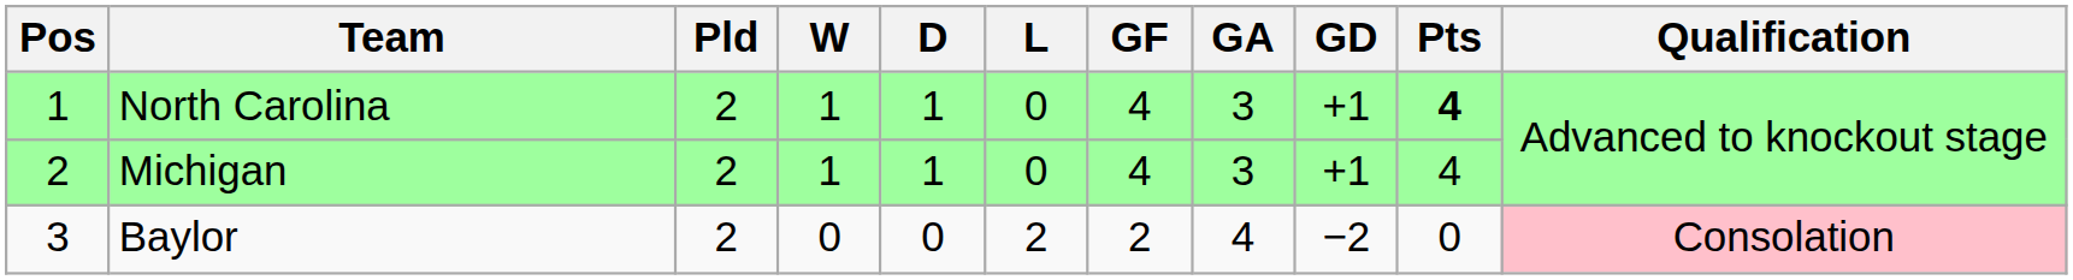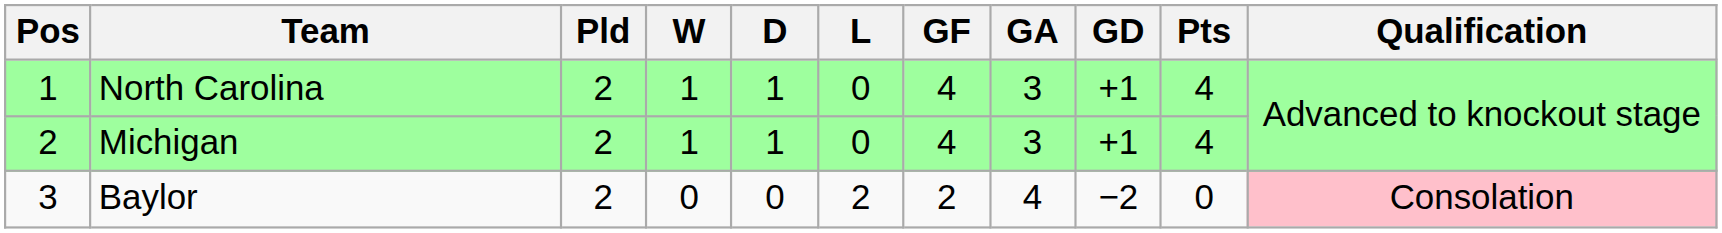 <table class="wikitable" style="text-align:center; margin: 1em auto">
 <tr>
 <th style="width:2em">Pos</th>
 <th style="width:13em">Team</th>
 <th style="width:2em">Pld</th>
 <th style="width:2em">W</th>
 <th style="width:2em">D</th>
 <th style="width:2em">L</th>
 <th style="width:2em">GF</th>
 <th style="width:2em">GA</th>
 <th style="width:2em">GD</th>
 <th style="width:2em">Pts</th>
 <th style="width:13em">Qualification</th>
 </tr>
 <tr bgcolor="#9eff9e">
 <td>1</td>
 <td style="text-align:left">North Carolina</td>
 <td>2</td>
 <td>1</td>
 <td>1</td>
 <td>0</td>
 <td>4</td>
 <td>3</td>
 <td>+1</td>
-<td><strong>4</strong></td>
+<td>4</td>
 <td rowspan="2">Advanced to knockout stage</td>
 </tr>
 <tr bgcolor="#9eff9e">
 <td>2</td>
 <td style="text-align:left">Michigan</td>
 <td>2</td>
 <td>1</td>
 <td>1</td>
 <td>0</td>
 <td>4</td>
 <td>3</td>
 <td>+1</td>
 <td>4</td>
 </tr>
 <tr>
 <td>3</td>
 <td style="text-align:left">Baylor</td>
 <td>2</td>
 <td>0</td>
 <td>0</td>
 <td>2</td>
 <td>2</td>
 <td>4</td>
 <td>−2</td>
 <td>0</td>
 <td style="background: pink;">Consolation</td>
 </tr>
 </table>
